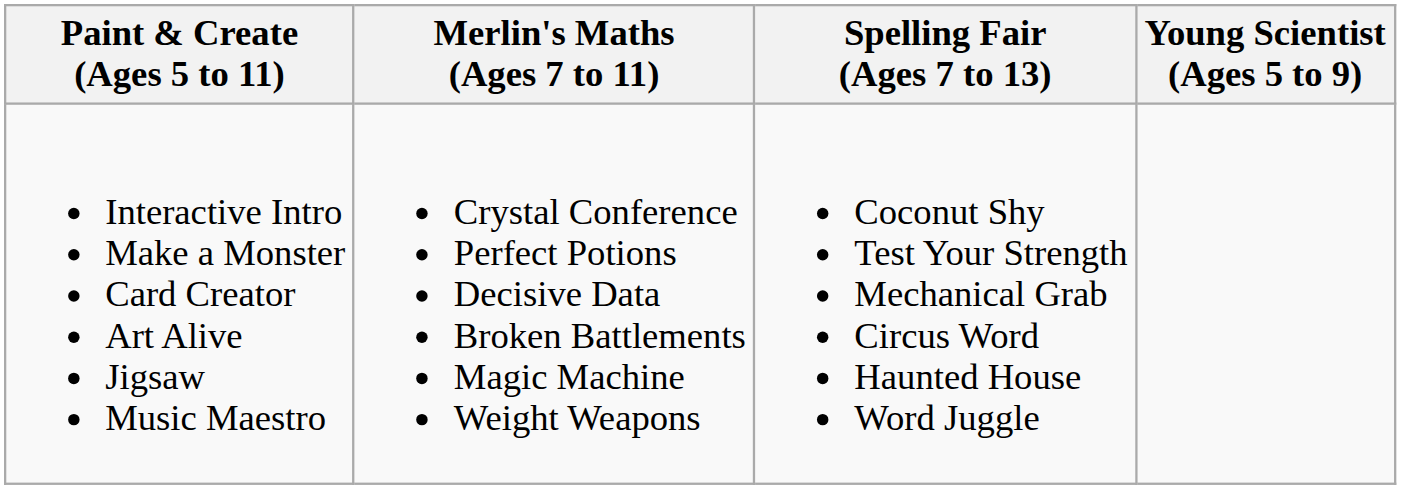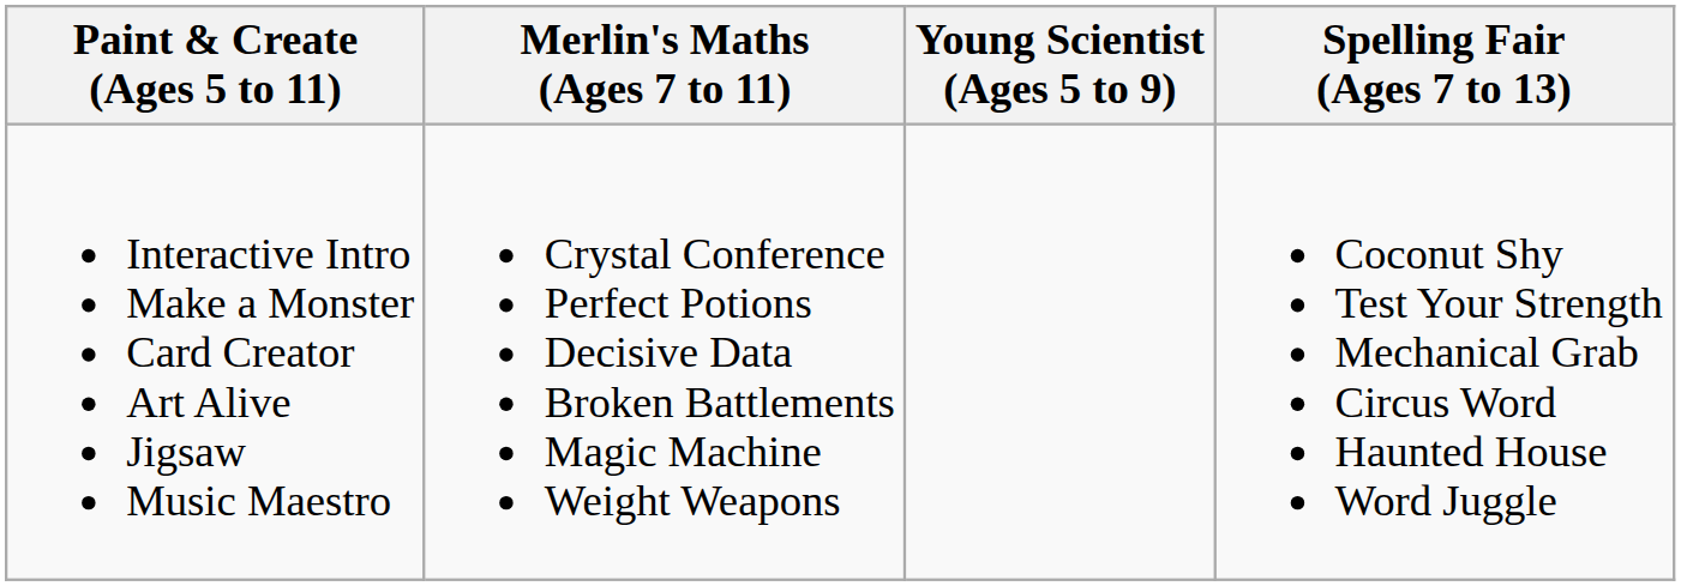 <table class="wikitable">
 <tr>
 <th>Paint & Create <br> (Ages 5 to 11)</th>
 <th>Merlin's Maths <br> (Ages 7 to 11)</th>
+<th>Young Scientist <br> (Ages 5 to 9)</th>
 <th>Spelling Fair <br> (Ages 7 to 13)</th>
-<th>Young Scientist <br> (Ages 5 to 9)</th>
 </tr>
 <tr>
 <td><br><ul><li>Interactive Intro</li><li>Make a Monster</li><li>Card Creator</li><li>Art Alive</li><li>Jigsaw</li><li>Music Maestro</li></ul></td>
 <td><br><ul><li>Crystal Conference</li><li>Perfect Potions</li><li>Decisive Data</li><li>Broken Battlements</li><li>Magic Machine</li><li>Weight Weapons</li></ul></td>
+<td></td>
 <td><br><ul><li>Coconut Shy</li><li>Test Your Strength</li><li>Mechanical Grab</li><li>Circus Word</li><li>Haunted House</li><li>Word Juggle</li></ul></td>
-<td></td>
 </tr>
 </table>
